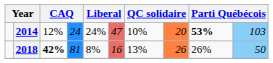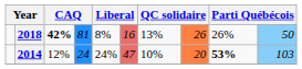 <table class="wikitable" style="width:400; font-size:90%; margin-left:1em;">
 <tr>
 <th colspan="2" scope="col">Year</th>
 <th colspan="2" scope="col"><a href='#'>CAQ</a></th>
 <th colspan="2" scope="col"><a href='#'>Liberal</a></th>
 <th colspan="2" scope="col"><a href='#'>QC solidaire</a></th>
 <th colspan="2" scope="col"><a href='#'>Parti Québécois</a></th>
+</tr>
+<tr>
+<td style="width: 0.25em; background-color: "></td>
+<th><a href='#'>2018</a></th>
+<td><strong>42%</strong></td>
+<td style="text-align:right; background:#1E90FF;"><em>81</em></td>
+<td>8%</td>
+<td style="text-align:right; background:#EA6D6A;"><em>16</em></td>
+<td>13%</td>
+<td style="text-align:right; background:#FF8040;"><em>26</em></td>
+<td>26%</td>
+<td style="text-align:right; background:#87CEFA;"><em>50</em></td>
 </tr>
 <tr>
 <td style="width: 0.25em; background-color: "></td>
 <th><a href='#'>2014</a></th>
 <td>12%</td>
 <td style="text-align:right; background:#1E90FF;"><em>24</em></td>
 <td>24%</td>
 <td style="text-align:right; background:#EA6D6A;"><em>47</em></td>
 <td>10%</td>
 <td style="text-align:right; background:#FF8040;"><em>20</em></td>
 <td><strong>53%</strong></td>
 <td style="text-align:right; background:#87CEFA;"><em>103</em></td>
 </tr>
 <tr>
-<td style="width: 0.25em; background-color: "></td>
-<th><a href='#'>2018</a></th>
-<td><strong>42%</strong></td>
-<td style="text-align:right; background:#1E90FF;"><em>81</em></td>
-<td>8%</td>
-<td style="text-align:right; background:#EA6D6A;"><em>16</em></td>
-<td>13%</td>
-<td style="text-align:right; background:#FF8040;"><em>26</em></td>
-<td>26%</td>
-<td style="text-align:right; background:#87CEFA;"><em>50</em></td>
-</tr>
-<tr>
 </tr>
 </table>
